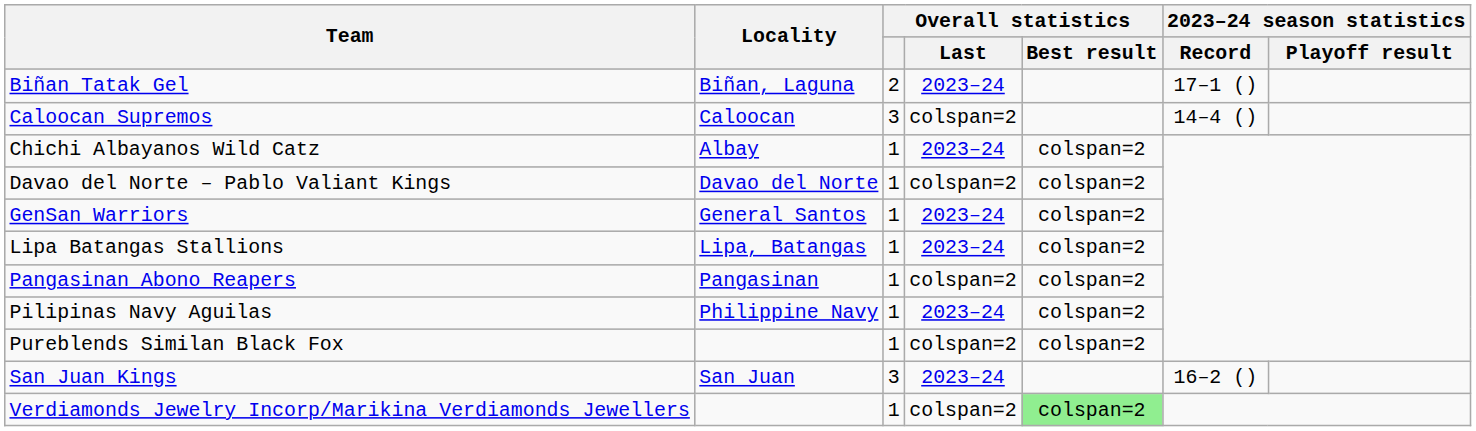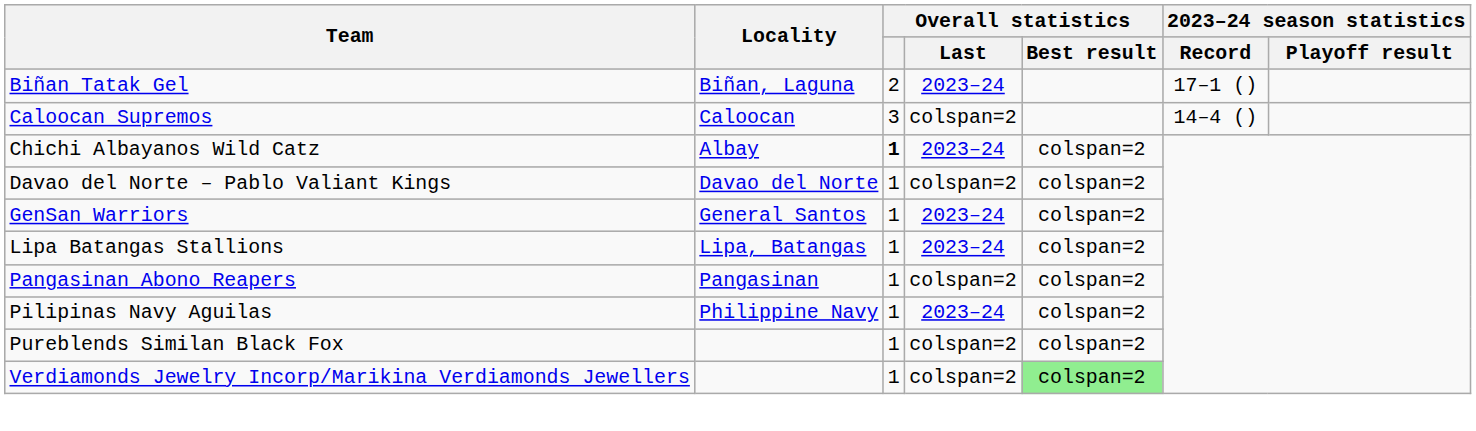 <table class="wikitable sortable" style="text-align:center">
 <tr>
 <th rowspan=2>Team</th>
 <th rowspan=2>Locality</th>
 <th colspan=3>Overall statistics</th>
 <th colspan=2>2023–24 season statistics</th>
 </tr>
 <tr>
 <th></th>
 <th>Last</th>
 <th>Best result</th>
 <th>Record</th>
 <th>Playoff result</th>
 </tr>
 <tr>
 <td align=left><a href='#'>Biñan Tatak Gel</a></td>
 <td align=left><a href='#'>Biñan, Laguna</a></td>
 <td>2</td>
 <td><a href='#'>2023–24</a></td>
 <td></td>
 <td>17–1 ()</td>
 <td></td>
 </tr>
 <tr>
 <td align=left><a href='#'>Caloocan Supremos</a></td>
 <td align=left><a href='#'>Caloocan</a></td>
 <td>3</td>
 <td>colspan=2 </td>
 <td></td>
 <td>14–4 ()</td>
 <td></td>
 </tr>
 <tr>
 <td align=left>Chichi Albayanos Wild Catz</td>
 <td align=left><a href='#'>Albay</a></td>
-<td>1</td>
+<td><strong>1</strong></td>
 <td><a href='#'>2023–24</a></td>
 <td>colspan=2 </td>
 </tr>
 <tr>
 <td align=left>Davao del Norte – Pablo Valiant Kings</td>
 <td align=left><a href='#'>Davao del Norte</a></td>
 <td>1</td>
 <td>colspan=2 </td>
 <td>colspan=2 </td>
 </tr>
 <tr>
 <td align=left><a href='#'>GenSan Warriors</a></td>
 <td align=left><a href='#'>General Santos</a></td>
 <td>1</td>
 <td><a href='#'>2023–24</a></td>
 <td>colspan=2 </td>
 </tr>
 <tr>
 <td align=left>Lipa Batangas Stallions</td>
 <td align=left><a href='#'>Lipa, Batangas</a></td>
 <td>1</td>
 <td><a href='#'>2023–24</a></td>
 <td>colspan=2 </td>
 </tr>
 <tr>
 <td align=left><a href='#'>Pangasinan Abono Reapers</a></td>
 <td align=left><a href='#'>Pangasinan</a></td>
 <td>1</td>
 <td>colspan=2 </td>
 <td>colspan=2 </td>
 </tr>
 <tr>
 <td align=left>Pilipinas Navy Aguilas</td>
 <td align=left><a href='#'>Philippine Navy</a></td>
 <td>1</td>
 <td><a href='#'>2023–24</a></td>
 <td>colspan=2 </td>
 </tr>
 <tr>
 <td align=left>Pureblends Similan Black Fox</td>
 <td></td>
 <td>1</td>
 <td>colspan=2 </td>
 <td>colspan=2 </td>
 </tr>
 <tr>
-<td align=left><a href='#'>San Juan Kings</a></td>
-<td align=left><a href='#'>San Juan</a></td>
-<td>3</td>
-<td><a href='#'>2023–24</a></td>
-<td></td>
-<td>16–2 ()</td>
-<td></td>
-</tr>
-<tr>
 <td align=left><a href='#'>Verdiamonds Jewelry Incorp/Marikina Verdiamonds Jewellers</a></td>
 <td></td>
 <td>1</td>
 <td>colspan=2 </td>
 <td style="background: lightgreen;">colspan=2 </td>
 </tr>
 </table>
